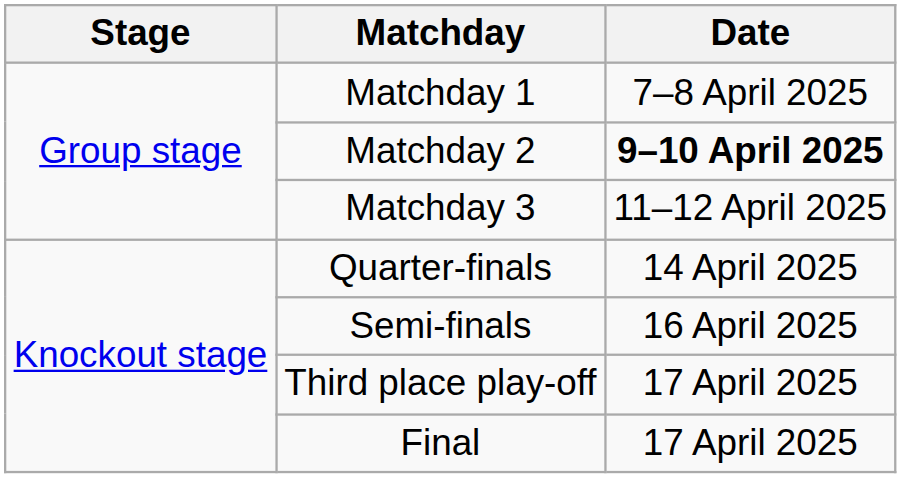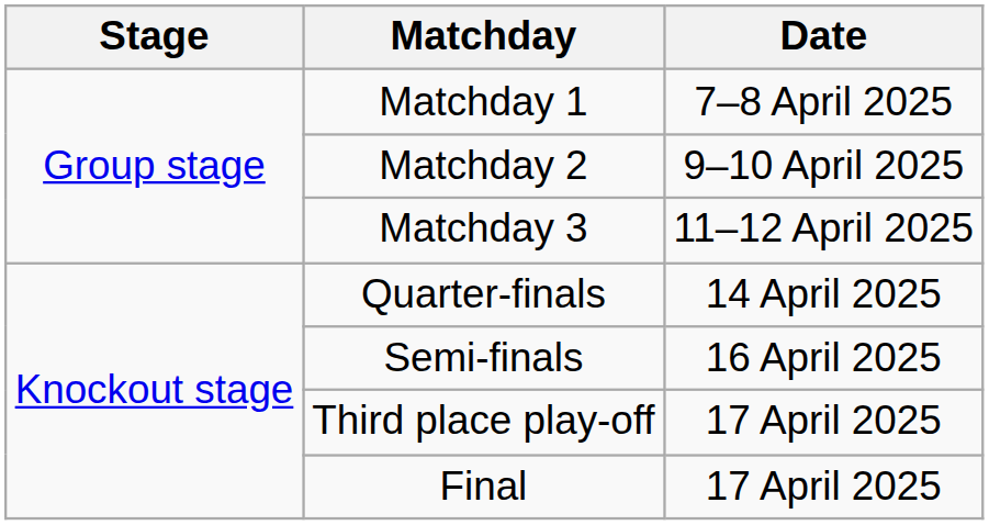 <table class="wikitable" style="text-align:center">
 <tr>
 <th>Stage</th>
 <th>Matchday</th>
 <th>Date</th>
 </tr>
 <tr>
 <td rowspan="3"><a href='#'>Group stage</a></td>
 <td>Matchday 1</td>
 <td>7–8 April 2025</td>
 </tr>
 <tr>
 <td>Matchday 2</td>
-<td><strong>9–10 April 2025</strong></td>
+<td>9–10 April 2025</td>
 </tr>
 <tr>
 <td>Matchday 3</td>
 <td>11–12 April 2025</td>
 </tr>
 <tr>
 <td rowspan="4"><a href='#'>Knockout stage</a></td>
 <td>Quarter-finals</td>
 <td>14 April 2025</td>
 </tr>
 <tr>
 <td>Semi-finals</td>
 <td>16 April 2025</td>
 </tr>
 <tr>
 <td>Third place play-off</td>
 <td>17 April 2025</td>
 </tr>
 <tr>
 <td>Final</td>
 <td>17 April 2025</td>
 </tr>
 </table>
